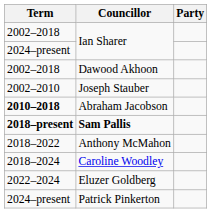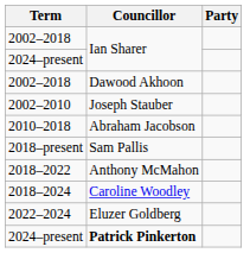 <table class="wikitable">
 <tr>
 <th>Term</th>
 <th>Councillor</th>
 <th colspan=2>Party</th>
 </tr>
 <tr>
 <td>2002–2018</td>
 <td rowspan=2>Ian Sharer</td>
 <td></td>
 </tr>
 <tr>
 <td>2024–present</td>
 <td></td>
 </tr>
 <tr>
 <td>2002–2018</td>
 <td>Dawood Akhoon</td>
 <td></td>
 </tr>
 <tr>
 <td>2002–2010</td>
 <td>Joseph Stauber</td>
 <td></td>
 </tr>
 <tr>
-<td><strong>2010–2018</strong></td>
+<td>2010–2018</td>
 <td>Abraham Jacobson</td>
 <td></td>
 </tr>
 <tr>
-<td><strong>2018–present</strong></td>
-<td><strong>Sam Pallis</strong></td>
+<td>2018–present</td>
+<td>Sam Pallis</td>
 <td></td>
 </tr>
 <tr>
 <td>2018–2022</td>
 <td>Anthony McMahon</td>
 <td></td>
 </tr>
 <tr>
 <td>2018–2024</td>
 <td><a href='#'>Caroline Woodley</a></td>
 <td></td>
 </tr>
 <tr>
 <td>2022–2024</td>
 <td>Eluzer Goldberg</td>
 <td></td>
 </tr>
 <tr>
 <td>2024–present</td>
-<td>Patrick Pinkerton</td>
+<td><strong>Patrick Pinkerton</strong></td>
 <td></td>
 </tr>
 </table>
